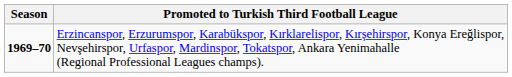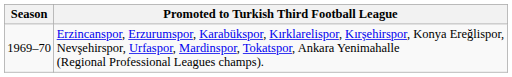 <table class="wikitable">
 <tr>
 <th>Season</th>
 <th>Promoted to Turkish Third Football League</th>
 </tr>
 <tr>
-<td><strong>1969–70</strong></td>
+<td>1969–70</td>
 <td><a href='#'>Erzincanspor</a>, <a href='#'>Erzurumspor</a>, <a href='#'>Karabükspor</a>, <a href='#'>Kırklarelispor</a>, <a href='#'>Kırşehirspor</a>, Konya Ereğlispor,<br>Nevşehirspor, <a href='#'>Urfaspor</a>, <a href='#'>Mardinspor</a>, <a href='#'>Tokatspor</a>, Ankara Yenimahalle<br>(Regional Professional Leagues champs).</td>
 </tr>
 </table>
